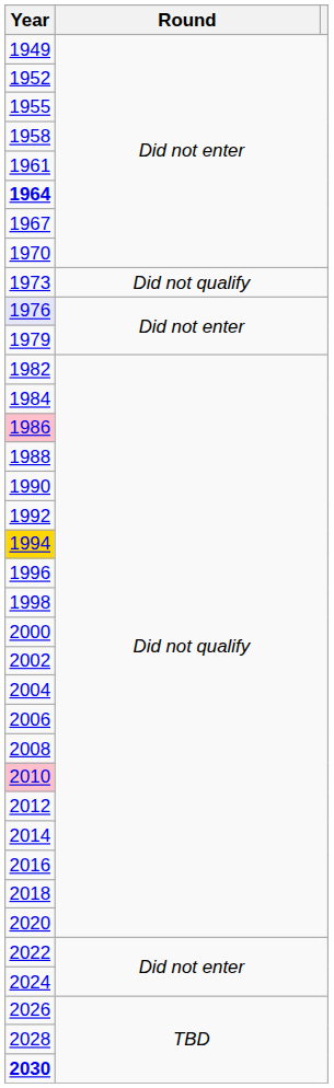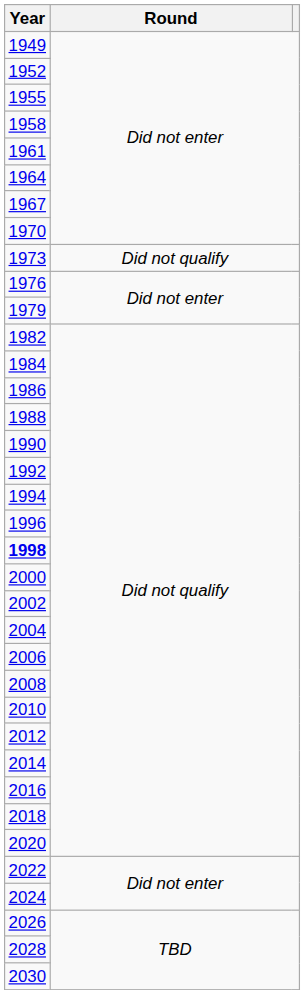 <table class="wikitable" style="text-align: center; font-size:90%">
 <tr>
 <th>Year</th>
 <th style="width:200px">Round</th>
 <th></th>
 </tr>
 <tr>
 <td><a href='#'>1949</a></td>
 <td colspan="2" rowspan="8"><em>Did not enter</em></td>
 </tr>
 <tr>
 <td><a href='#'>1952</a></td>
 </tr>
 <tr>
 <td><a href='#'>1955</a></td>
 </tr>
 <tr>
 <td><a href='#'>1958</a></td>
 </tr>
 <tr>
 <td><a href='#'>1961</a></td>
 </tr>
 <tr>
-<td><strong><a href='#'>1964</a></strong></td>
+<td><a href='#'>1964</a></td>
 </tr>
 <tr>
 <td><a href='#'>1967</a></td>
 </tr>
 <tr>
 <td><a href='#'>1970</a></td>
 </tr>
 <tr>
 <td><a href='#'>1973</a></td>
 <td colspan="2"><em>Did not qualify</em></td>
 </tr>
 <tr>
-<td style="background: lavender;"><a href='#'>1976</a></td>
+<td><a href='#'>1976</a></td>
 <td colspan="2" rowspan="2"><em>Did not enter</em></td>
 </tr>
 <tr>
 <td><a href='#'>1979</a></td>
 </tr>
 <tr>
 <td><a href='#'>1982</a></td>
 <td colspan="2" rowspan="20"><em>Did not qualify</em></td>
 </tr>
 <tr>
 <td><a href='#'>1984</a></td>
 </tr>
 <tr>
-<td style="background: pink;"><a href='#'>1986</a></td>
+<td><a href='#'>1986</a></td>
 </tr>
 <tr>
 <td><a href='#'>1988</a></td>
 </tr>
 <tr>
 <td><a href='#'>1990</a></td>
 </tr>
 <tr>
 <td><a href='#'>1992</a></td>
 </tr>
 <tr>
-<td style="background: gold;"><a href='#'>1994</a></td>
+<td><a href='#'>1994</a></td>
 </tr>
 <tr>
 <td><a href='#'>1996</a></td>
 </tr>
 <tr>
-<td><a href='#'>1998</a></td>
+<td><strong><a href='#'>1998</a></strong></td>
 </tr>
 <tr>
 <td><a href='#'>2000</a></td>
 </tr>
 <tr>
 <td><a href='#'>2002</a></td>
 </tr>
 <tr>
 <td><a href='#'>2004</a></td>
 </tr>
 <tr>
 <td><a href='#'>2006</a></td>
 </tr>
 <tr>
 <td><a href='#'>2008</a></td>
 </tr>
 <tr>
-<td style="background: pink;"><a href='#'>2010</a></td>
+<td><a href='#'>2010</a></td>
 </tr>
 <tr>
 <td><a href='#'>2012</a></td>
 </tr>
 <tr>
 <td><a href='#'>2014</a></td>
 </tr>
 <tr>
 <td><a href='#'>2016</a></td>
 </tr>
 <tr>
 <td><a href='#'>2018</a></td>
 </tr>
 <tr>
 <td><a href='#'>2020</a></td>
 </tr>
 <tr>
 <td><a href='#'>2022</a></td>
 <td colspan="2" rowspan="2"><em>Did not enter</em></td>
 </tr>
 <tr>
 <td><a href='#'>2024</a></td>
 </tr>
 <tr>
 <td><a href='#'>2026</a></td>
 <td colspan="2" rowspan="3"><em>TBD</em></td>
 </tr>
 <tr>
 <td><a href='#'>2028</a></td>
 </tr>
 <tr>
-<td><strong><a href='#'>2030</a></strong></td>
+<td><a href='#'>2030</a></td>
 </tr>
 </table>
